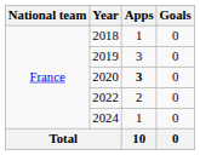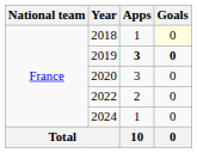 <table class="wikitable" style="text-align: center;">
 <tr>
 <th>National team</th>
 <th>Year</th>
 <th>Apps</th>
 <th>Goals</th>
 </tr>
 <tr>
 <td rowspan="5"><a href='#'>France</a></td>
 <td>2018</td>
 <td>1</td>
-<td>0</td>
+<td style="background: lightyellow;">0</td>
 </tr>
 <tr>
 <td>2019</td>
-<td>3</td>
-<td>0</td>
+<td><strong>3</strong></td>
+<td><strong>0</strong></td>
 </tr>
 <tr>
 <td>2020</td>
-<td><strong>3</strong></td>
+<td>3</td>
 <td>0</td>
 </tr>
 <tr>
 <td>2022</td>
 <td>2</td>
 <td>0</td>
 </tr>
 <tr>
 <td>2024</td>
 <td>1</td>
 <td>0</td>
 </tr>
 <tr>
 <th colspan="2">Total</th>
 <th>10</th>
 <th>0</th>
 </tr>
 </table>
